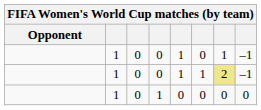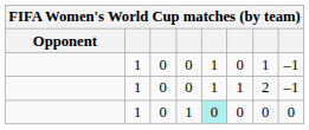 <table class="wikitable sortable" style="text-align: center;">
 <tr>
 <th colspan=8>FIFA Women's World Cup matches (by team)</th>
 </tr>
 <tr>
 <th>Opponent</th>
 <th style="width:20px;"></th>
 <th style="width:20px;"></th>
 <th style="width:20px;"></th>
 <th style="width:20px;"></th>
 <th style="width:20px;"></th>
 <th style="width:20px;"></th>
 <th style="width:20px;"></th>
 </tr>
 <tr>
 <td align="left"></td>
 <td>1</td>
 <td>0</td>
 <td>0</td>
 <td>1</td>
 <td>0</td>
 <td>1</td>
 <td>–1</td>
 </tr>
 <tr>
 <td align="left"></td>
 <td>1</td>
 <td>0</td>
 <td>0</td>
 <td>1</td>
 <td>1</td>
-<td style="background: khaki;">2</td>
+<td>2</td>
 <td>–1</td>
 </tr>
 <tr>
 <td align="left"></td>
 <td>1</td>
 <td>0</td>
 <td>1</td>
-<td>0</td>
+<td style="background: paleturquoise;">0</td>
 <td>0</td>
 <td>0</td>
 <td>0</td>
 </tr>
 </table>
